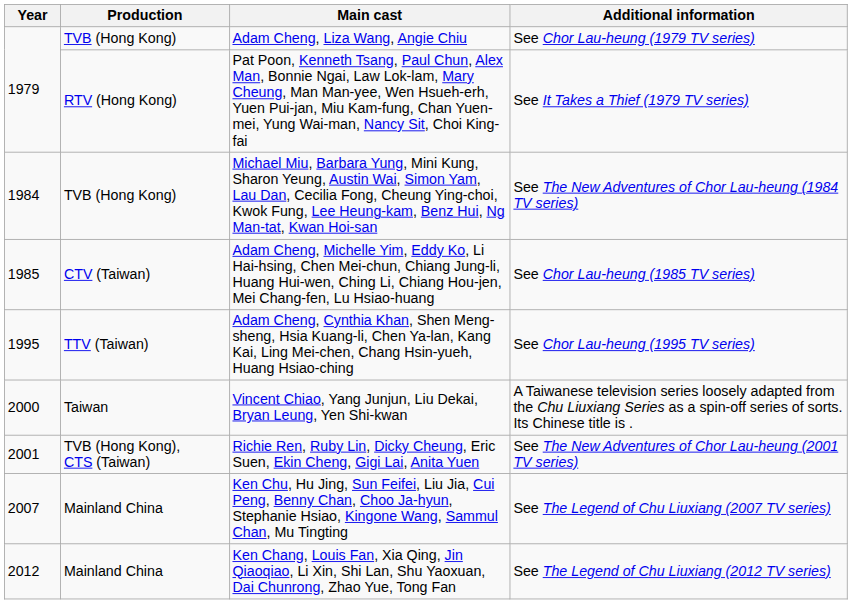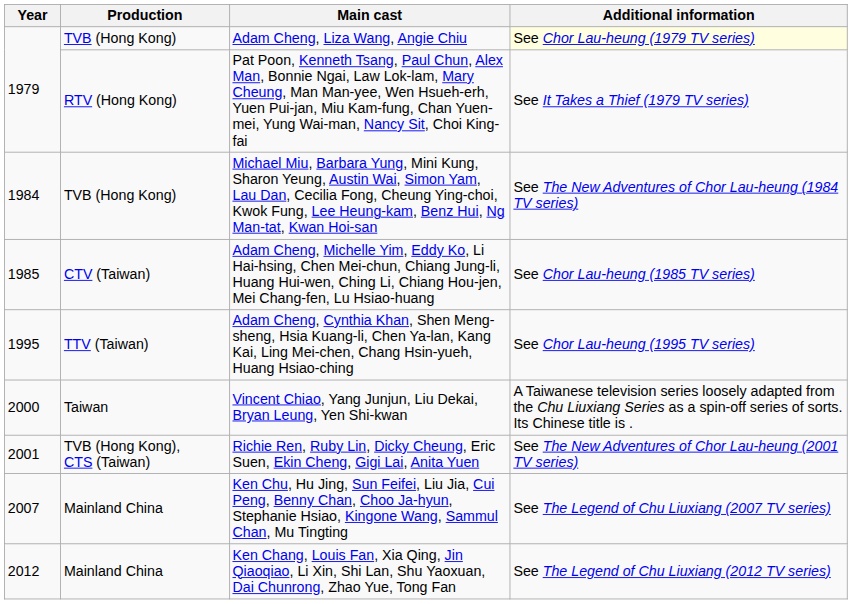 <table class="wikitable" width=75%>
 <tr>
 <th width=5%>Year</th>
 <th width=15%>Production</th>
 <th width=25%>Main cast</th>
 <th width=30%>Additional information</th>
 </tr>
 <tr>
 <td rowspan=2>1979</td>
 <td><a href='#'>TVB</a> (Hong Kong)</td>
 <td><a href='#'>Adam Cheng</a>, <a href='#'>Liza Wang</a>, <a href='#'>Angie Chiu</a></td>
-<td>See <em><a href='#'>Chor Lau-heung (1979 TV series)</a></em></td>
+<td style="background: lightyellow;">See <em><a href='#'>Chor Lau-heung (1979 TV series)</a></em></td>
 </tr>
 <tr>
 <td><a href='#'>RTV</a> (Hong Kong)</td>
 <td>Pat Poon, <a href='#'>Kenneth Tsang</a>, <a href='#'>Paul Chun</a>, <a href='#'>Alex Man</a>, Bonnie Ngai, Law Lok-lam, <a href='#'>Mary Cheung</a>, Man Man-yee, Wen Hsueh-erh, Yuen Pui-jan, Miu Kam-fung, Chan Yuen-mei, Yung Wai-man, <a href='#'>Nancy Sit</a>, Choi King-fai</td>
 <td>See <em><a href='#'>It Takes a Thief (1979 TV series)</a></em></td>
 </tr>
 <tr>
 <td>1984</td>
 <td>TVB (Hong Kong)</td>
 <td><a href='#'>Michael Miu</a>, <a href='#'>Barbara Yung</a>, Mini Kung, Sharon Yeung, <a href='#'>Austin Wai</a>, <a href='#'>Simon Yam</a>, <a href='#'>Lau Dan</a>, Cecilia Fong, Cheung Ying-choi, Kwok Fung, <a href='#'>Lee Heung-kam</a>, <a href='#'>Benz Hui</a>, <a href='#'>Ng Man-tat</a>, <a href='#'>Kwan Hoi-san</a></td>
 <td>See <em><a href='#'>The New Adventures of Chor Lau-heung (1984 TV series)</a></em></td>
 </tr>
 <tr>
 <td>1985</td>
 <td><a href='#'>CTV</a> (Taiwan)</td>
 <td><a href='#'>Adam Cheng</a>, <a href='#'>Michelle Yim</a>, <a href='#'>Eddy Ko</a>, Li Hai-hsing, Chen Mei-chun, Chiang Jung-li, Huang Hui-wen, Ching Li, Chiang Hou-jen, Mei Chang-fen, Lu Hsiao-huang</td>
 <td>See <em><a href='#'>Chor Lau-heung (1985 TV series)</a></em></td>
 </tr>
 <tr>
 <td>1995</td>
 <td><a href='#'>TTV</a> (Taiwan)</td>
 <td><a href='#'>Adam Cheng</a>, <a href='#'>Cynthia Khan</a>, Shen Meng-sheng, Hsia Kuang-li, Chen Ya-lan, Kang Kai, Ling Mei-chen, Chang Hsin-yueh, Huang Hsiao-ching</td>
 <td>See <em><a href='#'>Chor Lau-heung (1995 TV series)</a></em></td>
 </tr>
 <tr>
 <td>2000</td>
 <td>Taiwan</td>
 <td><a href='#'>Vincent Chiao</a>, Yang Junjun, Liu Dekai, <a href='#'>Bryan Leung</a>, Yen Shi-kwan</td>
 <td>A Taiwanese television series loosely adapted from the <em>Chu Liuxiang Series</em> as a spin-off series of sorts. Its Chinese title is .</td>
 </tr>
 <tr>
 <td>2001</td>
 <td>TVB (Hong Kong),<br><a href='#'>CTS</a> (Taiwan)</td>
 <td><a href='#'>Richie Ren</a>, <a href='#'>Ruby Lin</a>, <a href='#'>Dicky Cheung</a>, Eric Suen, <a href='#'>Ekin Cheng</a>, <a href='#'>Gigi Lai</a>, <a href='#'>Anita Yuen</a></td>
 <td>See <em><a href='#'>The New Adventures of Chor Lau-heung (2001 TV series)</a></em></td>
 </tr>
 <tr>
 <td>2007</td>
 <td>Mainland China</td>
 <td><a href='#'>Ken Chu</a>, Hu Jing, <a href='#'>Sun Feifei</a>, Liu Jia, <a href='#'>Cui Peng</a>, <a href='#'>Benny Chan</a>, <a href='#'>Choo Ja-hyun</a>, Stephanie Hsiao, <a href='#'>Kingone Wang</a>, <a href='#'>Sammul Chan</a>, Mu Tingting</td>
 <td>See <em><a href='#'>The Legend of Chu Liuxiang (2007 TV series)</a></em></td>
 </tr>
 <tr>
 <td>2012</td>
 <td>Mainland China</td>
 <td><a href='#'>Ken Chang</a>, <a href='#'>Louis Fan</a>, Xia Qing, <a href='#'>Jin Qiaoqiao</a>, Li Xin, Shi Lan, Shu Yaoxuan, <a href='#'>Dai Chunrong</a>, Zhao Yue, Tong Fan</td>
 <td>See <em><a href='#'>The Legend of Chu Liuxiang (2012 TV series)</a></em></td>
 </tr>
 </table>
